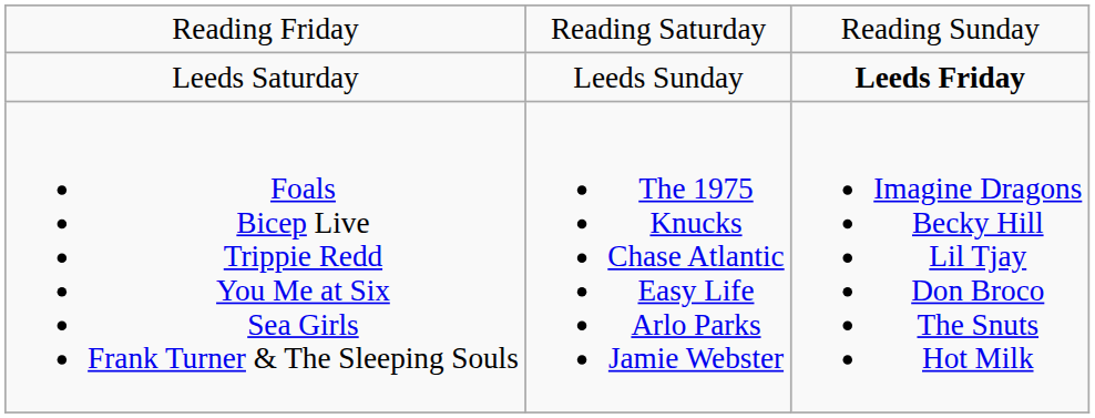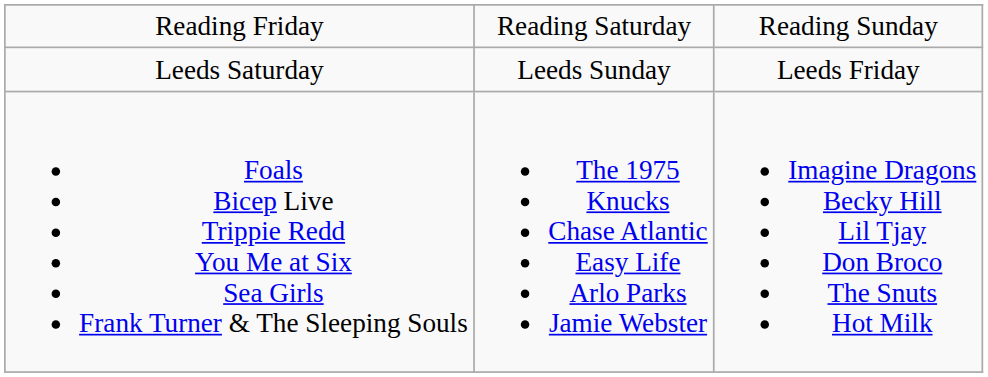 <table class="wikitable" style="text-align:center;">
 <tr>
 <td>Reading Friday</td>
 <td>Reading Saturday</td>
 <td>Reading Sunday</td>
 </tr>
 <tr>
 <td>Leeds Saturday</td>
 <td>Leeds Sunday</td>
-<td><strong>Leeds Friday</strong></td>
+<td>Leeds Friday</td>
 </tr>
 <tr>
 <td><br><ul><li><a href='#'>Foals</a></li><li><a href='#'>Bicep</a> Live</li><li><a href='#'>Trippie Redd</a></li><li><a href='#'>You Me at Six</a></li><li><a href='#'>Sea Girls</a></li><li><a href='#'>Frank Turner</a> & The Sleeping Souls</li></ul></td>
 <td><br><ul><li><a href='#'>The 1975</a></li><li><a href='#'>Knucks</a></li><li><a href='#'>Chase Atlantic</a></li><li><a href='#'>Easy Life</a></li><li><a href='#'>Arlo Parks</a></li><li><a href='#'>Jamie Webster</a></li></ul></td>
 <td><br><ul><li><a href='#'>Imagine Dragons</a></li><li><a href='#'>Becky Hill</a></li><li><a href='#'>Lil Tjay</a></li><li><a href='#'>Don Broco</a></li><li><a href='#'>The Snuts</a></li><li><a href='#'>Hot Milk</a></li></ul></td>
 </tr>
 </table>
